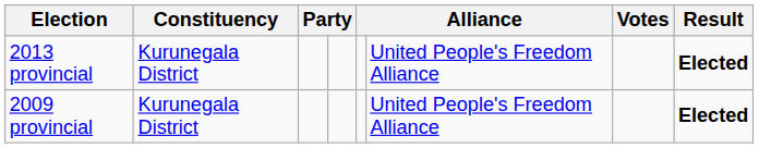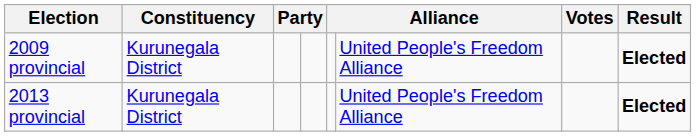 <table class="wikitable" style="text-align:left;">
 <tr>
 <th scope=col>Election</th>
 <th scope=col>Constituency</th>
 <th scope=col colspan="2">Party</th>
 <th scope=col colspan="2">Alliance</th>
 <th scope=col>Votes</th>
 <th scope=col>Result</th>
+</tr>
+<tr>
+<td><a href='#'>2009 provincial</a></td>
+<td><a href='#'>Kurunegala District</a></td>
+<td></td>
+<td></td>
+<td style="background:"></td>
+<td><a href='#'>United People's Freedom Alliance</a></td>
+<td align=right></td>
+<td><strong>Elected</strong></td>
 </tr>
 <tr>
 <td><a href='#'>2013 provincial</a></td>
 <td><a href='#'>Kurunegala District</a></td>
 <td></td>
 <td></td>
 <td style="background:"></td>
 <td><a href='#'>United People's Freedom Alliance</a></td>
 <td align=right></td>
 <td><strong>Elected</strong></td>
 </tr>
-<tr>
-<td><a href='#'>2009 provincial</a></td>
-<td><a href='#'>Kurunegala District</a></td>
-<td></td>
-<td></td>
-<td style="background:"></td>
-<td><a href='#'>United People's Freedom Alliance</a></td>
-<td align=right></td>
-<td><strong>Elected</strong></td>
-</tr>
 </table>
